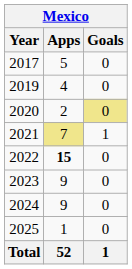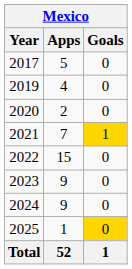 <table class="wikitable" style="text-align:center">
 <tr>
 <th colspan=3><a href='#'>Mexico</a></th>
 </tr>
 <tr>
 <th>Year</th>
 <th>Apps</th>
 <th>Goals</th>
 </tr>
 <tr>
 <td>2017</td>
 <td>5</td>
 <td>0</td>
 </tr>
 <tr>
 <td>2019</td>
 <td>4</td>
 <td>0</td>
 </tr>
 <tr>
 <td>2020</td>
 <td>2</td>
-<td style="background: khaki;">0</td>
+<td>0</td>
 </tr>
 <tr>
 <td>2021</td>
-<td style="background: khaki;">7</td>
-<td>1</td>
+<td>7</td>
+<td style="background: gold;">1</td>
 </tr>
 <tr>
 <td>2022</td>
-<td><strong>15</strong></td>
+<td>15</td>
 <td>0</td>
 </tr>
 <tr>
 <td>2023</td>
 <td>9</td>
 <td>0</td>
 </tr>
 <tr>
 <td>2024</td>
 <td>9</td>
 <td>0</td>
 </tr>
 <tr>
 <td>2025</td>
 <td>1</td>
-<td>0</td>
+<td style="background: gold;">0</td>
 </tr>
 <tr>
 <th>Total</th>
 <th>52</th>
 <th>1</th>
 </tr>
 </table>
